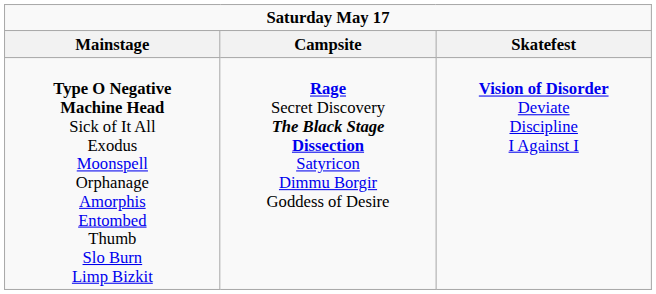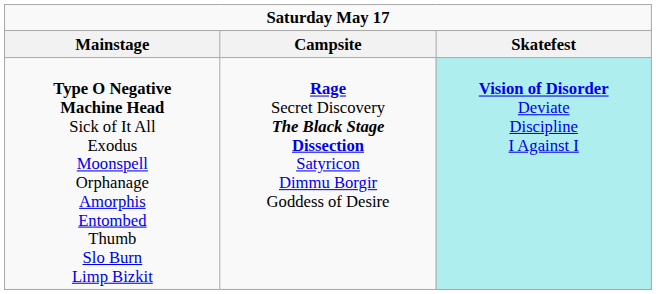 <table class="wikitable">
 <tr>
 <td colspan="3" align="center"><strong>Saturday May 17</strong></td>
 </tr>
 <tr>
 <th>Mainstage</th>
 <th>Campsite</th>
 <th>Skatefest</th>
 </tr>
 <tr>
 <td valign="top" align="center" width=200><br><strong>Type O Negative</strong> <br><strong>Machine Head</strong> <br>Sick of It All <br>Exodus <br><a href='#'>Moonspell</a> <br>Orphanage <br><a href='#'>Amorphis</a> <br><a href='#'>Entombed</a> <br>Thumb <br><a href='#'>Slo Burn</a> <br><a href='#'>Limp Bizkit</a></td>
 <td valign="top" align="center" width=200><br><strong><a href='#'>Rage</a></strong> <br>Secret Discovery<br><strong><em>The Black Stage</em></strong> <br><strong><a href='#'>Dissection</a></strong> <br><a href='#'>Satyricon</a> <br><a href='#'>Dimmu Borgir</a> <br>Goddess of Desire</td>
-<td valign="top" align="center" width=200><br><strong><a href='#'>Vision of Disorder</a></strong> <br><a href='#'>Deviate</a> <br><a href='#'>Discipline</a> <br><a href='#'>I Against I</a></td>
+<td valign="top" align="center" width=200 style="background: paleturquoise;"><br><strong><a href='#'>Vision of Disorder</a></strong> <br><a href='#'>Deviate</a> <br><a href='#'>Discipline</a> <br><a href='#'>I Against I</a></td>
 </tr>
 </table>
